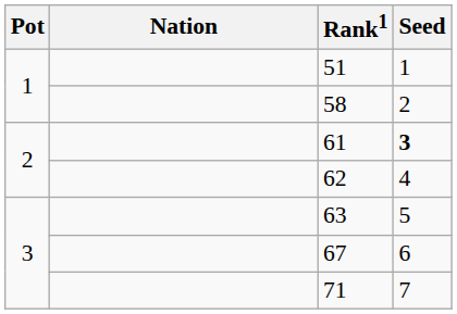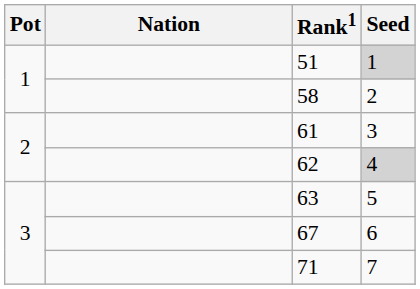 <table class="wikitable">
 <tr>
 <th>Pot</th>
 <th width="175">Nation</th>
 <th>Rank<sup>1</sup></th>
 <th>Seed</th>
 </tr>
 <tr>
 <td rowspan=2 style="text-align: center;">1</td>
 <td></td>
 <td>51</td>
-<td>1</td>
+<td style="background: lightgrey;">1</td>
 </tr>
 <tr>
 <td></td>
 <td>58</td>
 <td>2</td>
 </tr>
 <tr>
 <td rowspan=2 style="text-align: center;">2</td>
 <td></td>
 <td>61</td>
-<td><strong>3</strong></td>
+<td>3</td>
 </tr>
 <tr>
 <td></td>
 <td>62</td>
-<td>4</td>
+<td style="background: lightgrey;">4</td>
 </tr>
 <tr>
 <td rowspan=3 style="text-align: center;">3</td>
 <td></td>
 <td>63</td>
 <td>5</td>
 </tr>
 <tr>
 <td></td>
 <td>67</td>
 <td>6</td>
 </tr>
 <tr>
 <td></td>
 <td>71</td>
 <td>7</td>
 </tr>
 </table>
